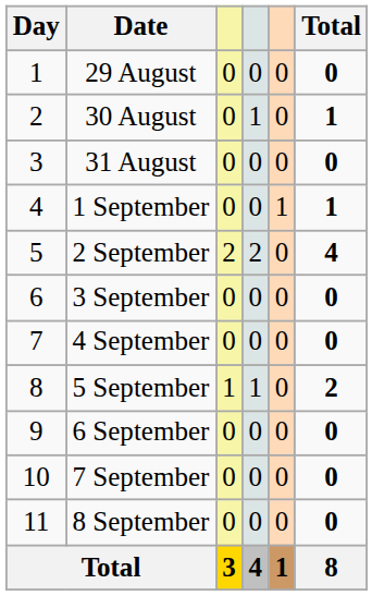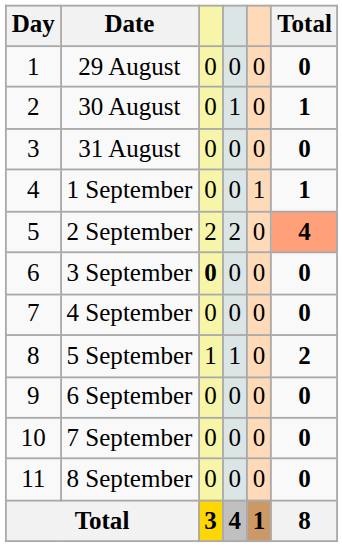 <table class=wikitable style="font-size:85%; float:right; text-align:center">
 <tr>
 <th>Day</th>
 <th>Date</th>
 <td style="background:#F7F6A8"></td>
 <td style="background:#DCE5E5"></td>
 <td style="background:#FFDAB9"></td>
 <th>Total</th>
 </tr>
 <tr>
 <td>1</td>
 <td>29 August</td>
 <td style="background:#F7F6A8">0</td>
 <td style="background:#DCE5E5">0</td>
 <td style="background:#FFDAB9">0</td>
 <td><strong>0</strong></td>
 </tr>
 <tr>
 <td>2</td>
 <td>30 August</td>
 <td style="background:#F7F6A8">0</td>
 <td style="background:#DCE5E5">1</td>
 <td style="background:#FFDAB9">0</td>
 <td><strong>1</strong></td>
 </tr>
 <tr>
 <td>3</td>
 <td>31 August</td>
 <td style="background:#F7F6A8">0</td>
 <td style="background:#DCE5E5">0</td>
 <td style="background:#FFDAB9">0</td>
 <td><strong>0</strong></td>
 </tr>
 <tr>
 <td>4</td>
 <td>1 September</td>
 <td style="background:#F7F6A8">0</td>
 <td style="background:#DCE5E5">0</td>
 <td style="background:#FFDAB9">1</td>
 <td><strong>1</strong></td>
 </tr>
 <tr>
 <td>5</td>
 <td>2 September</td>
 <td style="background:#F7F6A8">2</td>
 <td style="background:#DCE5E5">2</td>
 <td style="background:#FFDAB9">0</td>
-<td><strong>4</strong></td>
+<td style="background: lightsalmon;"><strong>4</strong></td>
 </tr>
 <tr>
 <td>6</td>
 <td>3 September</td>
-<td style="background:#F7F6A8">0</td>
+<td style="background:#F7F6A8"><strong>0</strong></td>
 <td style="background:#DCE5E5">0</td>
 <td style="background:#FFDAB9">0</td>
 <td><strong>0</strong></td>
 </tr>
 <tr>
 <td>7</td>
 <td>4 September</td>
 <td style="background:#F7F6A8">0</td>
 <td style="background:#DCE5E5">0</td>
 <td style="background:#FFDAB9">0</td>
 <td><strong>0</strong></td>
 </tr>
 <tr>
 <td>8</td>
 <td>5 September</td>
 <td style="background:#F7F6A8">1</td>
 <td style="background:#DCE5E5">1</td>
 <td style="background:#FFDAB9">0</td>
 <td><strong>2</strong></td>
 </tr>
 <tr>
 <td>9</td>
 <td>6 September</td>
 <td style="background:#F7F6A8">0</td>
 <td style="background:#DCE5E5">0</td>
 <td style="background:#FFDAB9">0</td>
 <td><strong>0</strong></td>
 </tr>
 <tr>
 <td>10</td>
 <td>7 September</td>
 <td style="background:#F7F6A8">0</td>
 <td style="background:#DCE5E5">0</td>
 <td style="background:#FFDAB9">0</td>
 <td><strong>0</strong></td>
 </tr>
 <tr>
 <td>11</td>
 <td>8 September</td>
 <td style="background:#F7F6A8">0</td>
 <td style="background:#DCE5E5">0</td>
 <td style="background:#FFDAB9">0</td>
 <td><strong>0</strong></td>
 </tr>
 <tr>
 <th colspan=2>Total</th>
 <th style=background:gold>3</th>
 <th style=background:silver>4</th>
 <th style=background:#c96>1</th>
 <th>8</th>
 </tr>
 </table>
